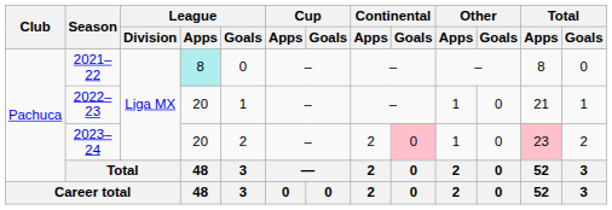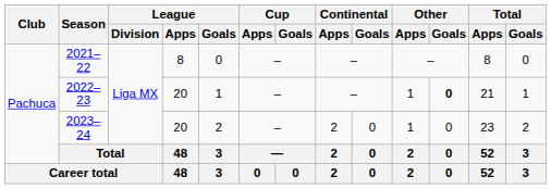 <table class="wikitable" style="text-align: center">
 <tr>
 <th rowspan="2">Club</th>
 <th rowspan="2">Season</th>
 <th colspan="3">League</th>
 <th colspan="2">Cup</th>
 <th colspan="2">Continental</th>
 <th colspan="2">Other</th>
 <th colspan="2">Total</th>
 </tr>
 <tr>
 <th>Division</th>
 <th>Apps</th>
 <th>Goals</th>
 <th>Apps</th>
 <th>Goals</th>
 <th>Apps</th>
 <th>Goals</th>
 <th>Apps</th>
 <th>Goals</th>
 <th>Apps</th>
 <th>Goals</th>
 </tr>
 <tr>
 <td rowspan=4><a href='#'>Pachuca</a></td>
 <td><a href='#'>2021–22</a></td>
 <td rowspan=3><a href='#'>Liga MX</a></td>
-<td style="background: paleturquoise;">8</td>
+<td>8</td>
 <td>0</td>
 <td colspan="2">–</td>
 <td colspan="2">–</td>
 <td colspan="2">–</td>
 <td>8</td>
 <td>0</td>
 </tr>
 <tr>
 <td><a href='#'>2022–23</a></td>
 <td>20</td>
 <td>1</td>
 <td colspan="2">–</td>
 <td colspan="2">–</td>
 <td>1</td>
-<td>0</td>
+<td><strong>0</strong></td>
 <td>21</td>
 <td>1</td>
 </tr>
 <tr>
 <td><a href='#'>2023–24</a></td>
 <td>20</td>
 <td>2</td>
 <td colspan="2">–</td>
 <td>2</td>
-<td style="background: pink;">0</td>
+<td>0</td>
 <td>1</td>
 <td>0</td>
-<td style="background: pink;">23</td>
+<td>23</td>
 <td>2</td>
 </tr>
 <tr>
 <th colspan="2">Total</th>
 <th>48</th>
 <th>3</th>
 <th colspan="2">—</th>
 <th>2</th>
 <th>0</th>
 <th>2</th>
 <th>0</th>
 <th>52</th>
 <th>3</th>
 </tr>
 <tr>
 <th colspan="3"><strong>Career total</strong></th>
 <th>48</th>
 <th>3</th>
 <th>0</th>
 <th>0</th>
 <th>2</th>
 <th>0</th>
 <th>2</th>
 <th>0</th>
 <th>52</th>
 <th>3</th>
 </tr>
 </table>
